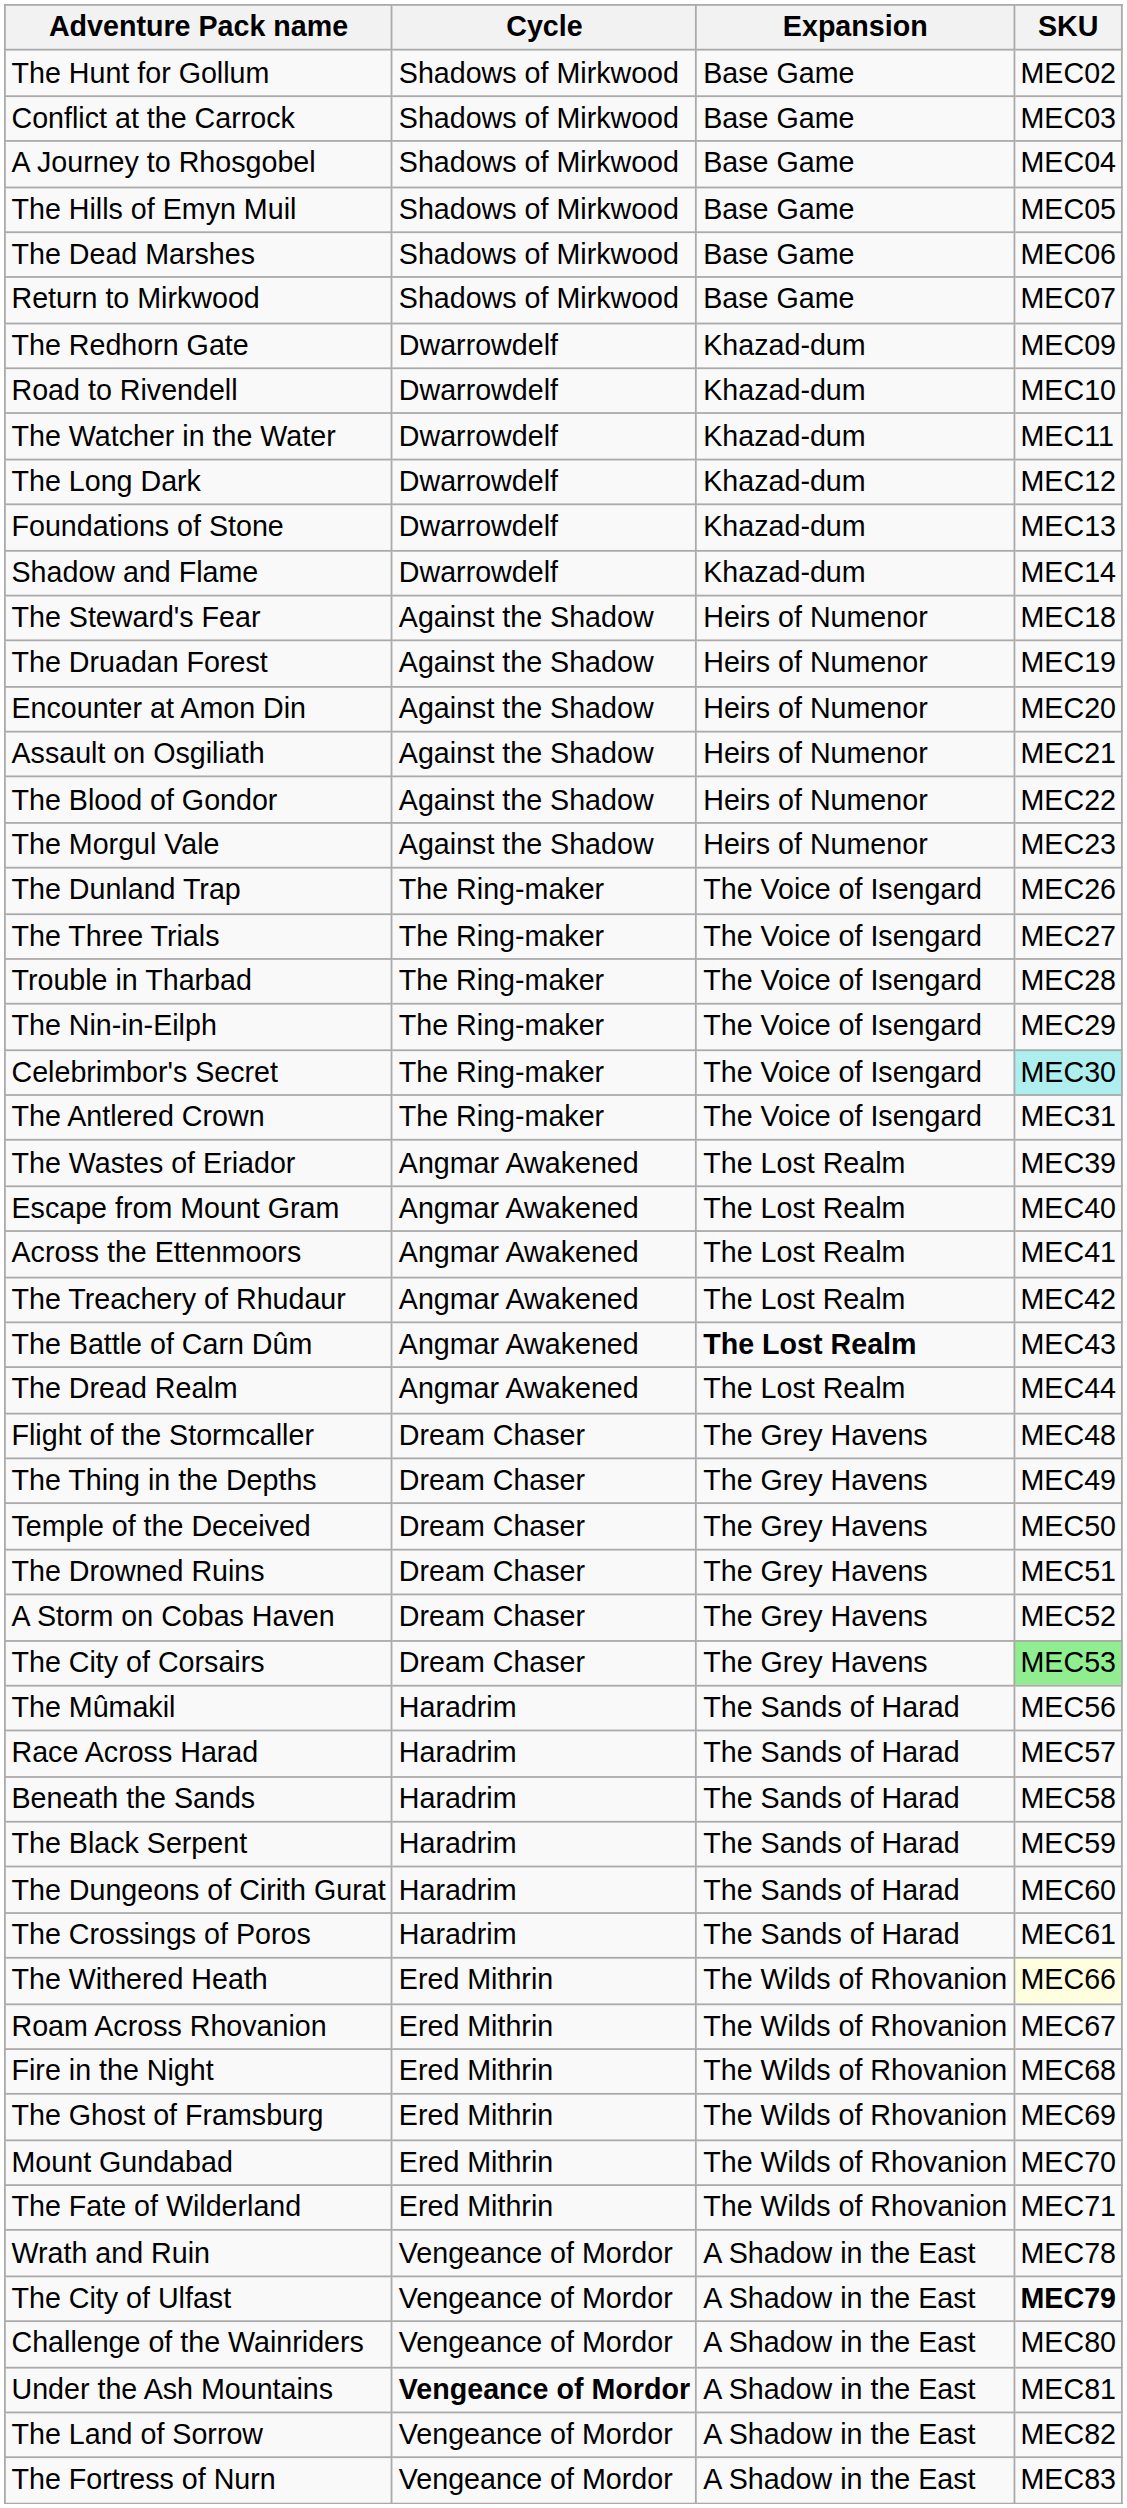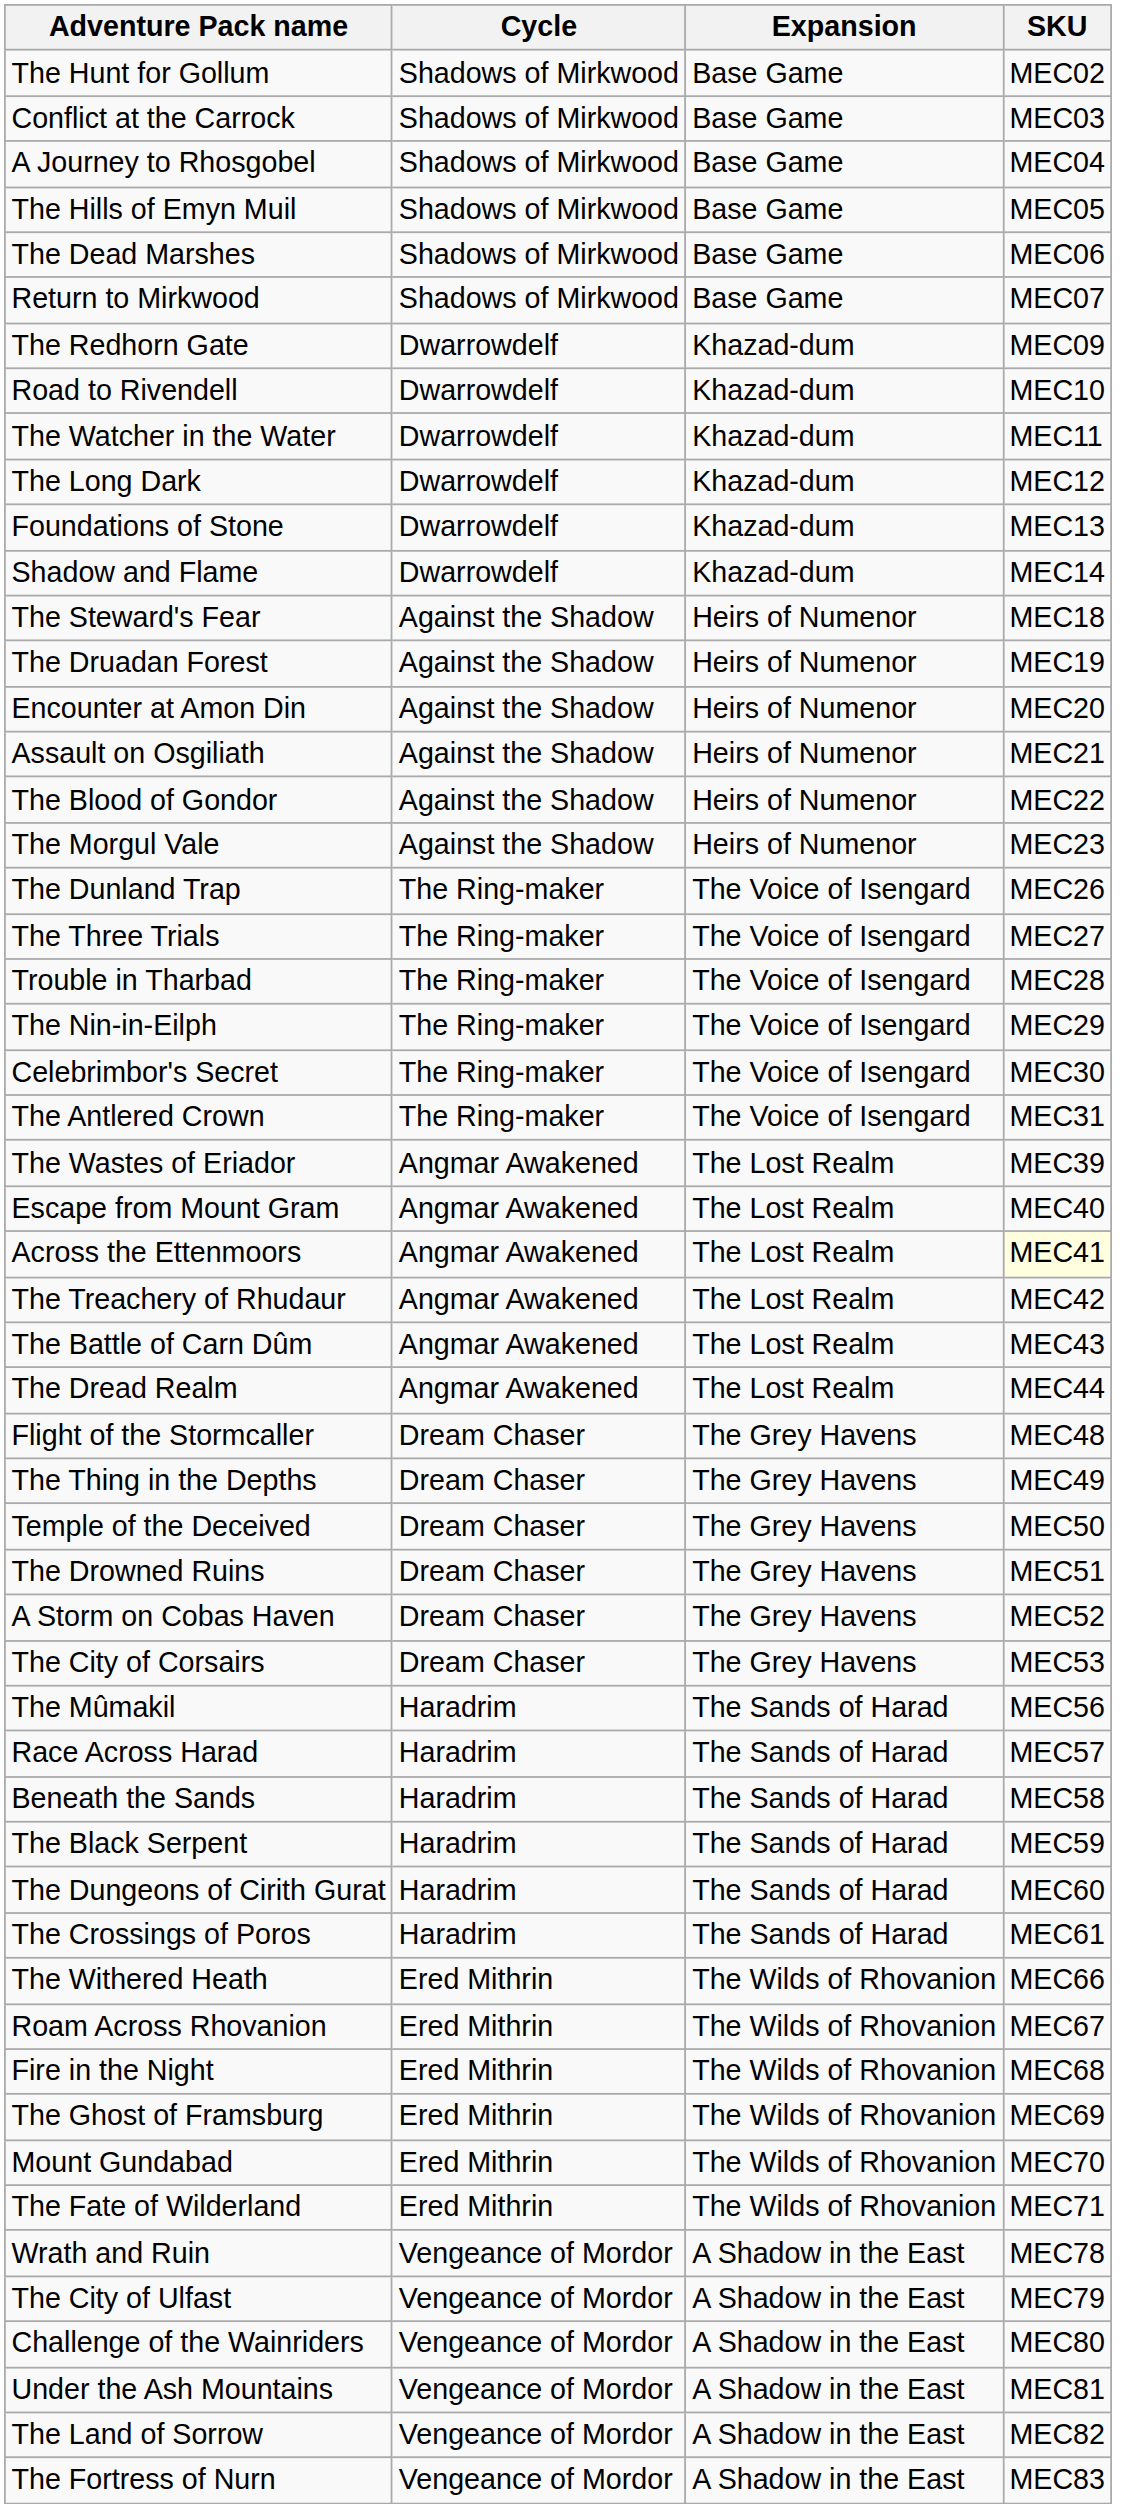 <table class="wikitable collapsible collapsed sortable">
 <tr>
 <th>Adventure Pack name</th>
 <th>Cycle</th>
 <th>Expansion</th>
 <th>SKU</th>
 </tr>
 <tr>
 <td>The Hunt for Gollum</td>
 <td>Shadows of Mirkwood</td>
 <td>Base Game</td>
 <td>MEC02</td>
 </tr>
 <tr>
 <td>Conflict at the Carrock</td>
 <td>Shadows of Mirkwood</td>
 <td>Base Game</td>
 <td>MEC03</td>
 </tr>
 <tr>
 <td>A Journey to Rhosgobel</td>
 <td>Shadows of Mirkwood</td>
 <td>Base Game</td>
 <td>MEC04</td>
 </tr>
 <tr>
 <td>The Hills of Emyn Muil</td>
 <td>Shadows of Mirkwood</td>
 <td>Base Game</td>
 <td>MEC05</td>
 </tr>
 <tr>
 <td>The Dead Marshes</td>
 <td>Shadows of Mirkwood</td>
 <td>Base Game</td>
 <td>MEC06</td>
 </tr>
 <tr>
 <td>Return to Mirkwood</td>
 <td>Shadows of Mirkwood</td>
 <td>Base Game</td>
 <td>MEC07</td>
 </tr>
 <tr>
 <td>The Redhorn Gate</td>
 <td>Dwarrowdelf</td>
 <td>Khazad-dum</td>
 <td>MEC09</td>
 </tr>
 <tr>
 <td>Road to Rivendell</td>
 <td>Dwarrowdelf</td>
 <td>Khazad-dum</td>
 <td>MEC10</td>
 </tr>
 <tr>
 <td>The Watcher in the Water</td>
 <td>Dwarrowdelf</td>
 <td>Khazad-dum</td>
 <td>MEC11</td>
 </tr>
 <tr>
 <td>The Long Dark</td>
 <td>Dwarrowdelf</td>
 <td>Khazad-dum</td>
 <td>MEC12</td>
 </tr>
 <tr>
 <td>Foundations of Stone</td>
 <td>Dwarrowdelf</td>
 <td>Khazad-dum</td>
 <td>MEC13</td>
 </tr>
 <tr>
 <td>Shadow and Flame</td>
 <td>Dwarrowdelf</td>
 <td>Khazad-dum</td>
 <td>MEC14</td>
 </tr>
 <tr>
 <td>The Steward's Fear</td>
 <td>Against the Shadow</td>
 <td>Heirs of Numenor</td>
 <td>MEC18</td>
 </tr>
 <tr>
 <td>The Druadan Forest</td>
 <td>Against the Shadow</td>
 <td>Heirs of Numenor</td>
 <td>MEC19</td>
 </tr>
 <tr>
 <td>Encounter at Amon Din</td>
 <td>Against the Shadow</td>
 <td>Heirs of Numenor</td>
 <td>MEC20</td>
 </tr>
 <tr>
 <td>Assault on Osgiliath</td>
 <td>Against the Shadow</td>
 <td>Heirs of Numenor</td>
 <td>MEC21</td>
 </tr>
 <tr>
 <td>The Blood of Gondor</td>
 <td>Against the Shadow</td>
 <td>Heirs of Numenor</td>
 <td>MEC22</td>
 </tr>
 <tr>
 <td>The Morgul Vale</td>
 <td>Against the Shadow</td>
 <td>Heirs of Numenor</td>
 <td>MEC23</td>
 </tr>
 <tr>
 <td>The Dunland Trap</td>
 <td>The Ring-maker</td>
 <td>The Voice of Isengard</td>
 <td>MEC26</td>
 </tr>
 <tr>
 <td>The Three Trials</td>
 <td>The Ring-maker</td>
 <td>The Voice of Isengard</td>
 <td>MEC27</td>
 </tr>
 <tr>
 <td>Trouble in Tharbad</td>
 <td>The Ring-maker</td>
 <td>The Voice of Isengard</td>
 <td>MEC28</td>
 </tr>
 <tr>
 <td>The Nin-in-Eilph</td>
 <td>The Ring-maker</td>
 <td>The Voice of Isengard</td>
 <td>MEC29</td>
 </tr>
 <tr>
 <td>Celebrimbor's Secret</td>
 <td>The Ring-maker</td>
 <td>The Voice of Isengard</td>
-<td style="background: paleturquoise;">MEC30</td>
+<td>MEC30</td>
 </tr>
 <tr>
 <td>The Antlered Crown</td>
 <td>The Ring-maker</td>
 <td>The Voice of Isengard</td>
 <td>MEC31</td>
 </tr>
 <tr>
 <td>The Wastes of Eriador</td>
 <td>Angmar Awakened</td>
 <td>The Lost Realm</td>
 <td>MEC39</td>
 </tr>
 <tr>
 <td>Escape from Mount Gram</td>
 <td>Angmar Awakened</td>
 <td>The Lost Realm</td>
 <td>MEC40</td>
 </tr>
 <tr>
 <td>Across the Ettenmoors</td>
 <td>Angmar Awakened</td>
 <td>The Lost Realm</td>
-<td>MEC41</td>
+<td style="background: lightyellow;">MEC41</td>
 </tr>
 <tr>
 <td>The Treachery of Rhudaur</td>
 <td>Angmar Awakened</td>
 <td>The Lost Realm</td>
 <td>MEC42</td>
 </tr>
 <tr>
 <td>The Battle of Carn Dûm</td>
 <td>Angmar Awakened</td>
-<td><strong>The Lost Realm</strong></td>
+<td>The Lost Realm</td>
 <td>MEC43</td>
 </tr>
 <tr>
 <td>The Dread Realm</td>
 <td>Angmar Awakened</td>
 <td>The Lost Realm</td>
 <td>MEC44</td>
 </tr>
 <tr>
 <td>Flight of the Stormcaller</td>
 <td>Dream Chaser</td>
 <td>The Grey Havens</td>
 <td>MEC48</td>
 </tr>
 <tr>
 <td>The Thing in the Depths</td>
 <td>Dream Chaser</td>
 <td>The Grey Havens</td>
 <td>MEC49</td>
 </tr>
 <tr>
 <td>Temple of the Deceived</td>
 <td>Dream Chaser</td>
 <td>The Grey Havens</td>
 <td>MEC50</td>
 </tr>
 <tr>
 <td>The Drowned Ruins</td>
 <td>Dream Chaser</td>
 <td>The Grey Havens</td>
 <td>MEC51</td>
 </tr>
 <tr>
 <td>A Storm on Cobas Haven</td>
 <td>Dream Chaser</td>
 <td>The Grey Havens</td>
 <td>MEC52</td>
 </tr>
 <tr>
 <td>The City of Corsairs</td>
 <td>Dream Chaser</td>
 <td>The Grey Havens</td>
-<td style="background: lightgreen;">MEC53</td>
+<td>MEC53</td>
 </tr>
 <tr>
 <td>The Mûmakil</td>
 <td>Haradrim</td>
 <td>The Sands of Harad</td>
 <td>MEC56</td>
 </tr>
 <tr>
 <td>Race Across Harad</td>
 <td>Haradrim</td>
 <td>The Sands of Harad</td>
 <td>MEC57</td>
 </tr>
 <tr>
 <td>Beneath the Sands</td>
 <td>Haradrim</td>
 <td>The Sands of Harad</td>
 <td>MEC58</td>
 </tr>
 <tr>
 <td>The Black Serpent</td>
 <td>Haradrim</td>
 <td>The Sands of Harad</td>
 <td>MEC59</td>
 </tr>
 <tr>
 <td>The Dungeons of Cirith Gurat</td>
 <td>Haradrim</td>
 <td>The Sands of Harad</td>
 <td>MEC60</td>
 </tr>
 <tr>
 <td>The Crossings of Poros</td>
 <td>Haradrim</td>
 <td>The Sands of Harad</td>
 <td>MEC61</td>
 </tr>
 <tr>
 <td>The Withered Heath</td>
 <td>Ered Mithrin</td>
 <td>The Wilds of Rhovanion</td>
-<td style="background: lightyellow;">MEC66</td>
+<td>MEC66</td>
 </tr>
 <tr>
 <td>Roam Across Rhovanion</td>
 <td>Ered Mithrin</td>
 <td>The Wilds of Rhovanion</td>
 <td>MEC67</td>
 </tr>
 <tr>
 <td>Fire in the Night</td>
 <td>Ered Mithrin</td>
 <td>The Wilds of Rhovanion</td>
 <td>MEC68</td>
 </tr>
 <tr>
 <td>The Ghost of Framsburg</td>
 <td>Ered Mithrin</td>
 <td>The Wilds of Rhovanion</td>
 <td>MEC69</td>
 </tr>
 <tr>
 <td>Mount Gundabad</td>
 <td>Ered Mithrin</td>
 <td>The Wilds of Rhovanion</td>
 <td>MEC70</td>
 </tr>
 <tr>
 <td>The Fate of Wilderland</td>
 <td>Ered Mithrin</td>
 <td>The Wilds of Rhovanion</td>
 <td>MEC71</td>
 </tr>
 <tr>
 <td>Wrath and Ruin</td>
 <td>Vengeance of Mordor</td>
 <td>A Shadow in the East</td>
 <td>MEC78</td>
 </tr>
 <tr>
 <td>The City of Ulfast</td>
 <td>Vengeance of Mordor</td>
 <td>A Shadow in the East</td>
-<td><strong>MEC79</strong></td>
+<td>MEC79</td>
 </tr>
 <tr>
 <td>Challenge of the Wainriders</td>
 <td>Vengeance of Mordor</td>
 <td>A Shadow in the East</td>
 <td>MEC80</td>
 </tr>
 <tr>
 <td>Under the Ash Mountains</td>
-<td><strong>Vengeance of Mordor</strong></td>
+<td>Vengeance of Mordor</td>
 <td>A Shadow in the East</td>
 <td>MEC81</td>
 </tr>
 <tr>
 <td>The Land of Sorrow</td>
 <td>Vengeance of Mordor</td>
 <td>A Shadow in the East</td>
 <td>MEC82</td>
 </tr>
 <tr>
 <td>The Fortress of Nurn</td>
 <td>Vengeance of Mordor</td>
 <td>A Shadow in the East</td>
 <td>MEC83</td>
 </tr>
 <tr>
 </tr>
 </table>
